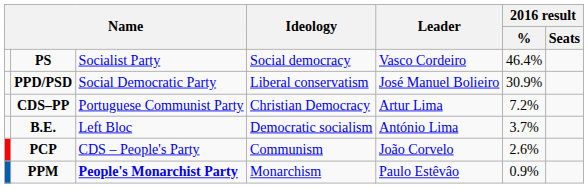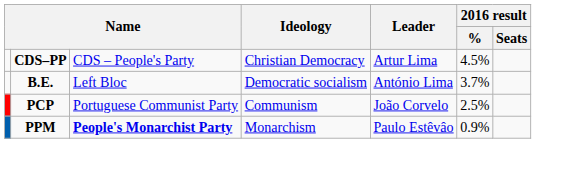 <table class="wikitable">
 <tr>
 <th rowspan="2" colspan="3">Name</th>
 <th rowspan="2">Ideology</th>
 <th rowspan="2">Leader</th>
 <th colspan="2">2016 result</th>
 </tr>
 <tr>
 <th>%</th>
 <th>Seats</th>
 </tr>
 <tr>
 <td style="color:inherit;background:"></td>
-<td style="text-align:center;"><strong>PS</strong></td>
-<td><a href='#'>Socialist Party</a><br></td>
-<td><a href='#'>Social democracy</a></td>
-<td><a href='#'>Vasco Cordeiro</a></td>
-<td style="text-align:center;">46.4%</td>
-<td></td>
-</tr>
-<tr>
-<td style="color:inherit;background:"></td>
-<td style="text-align:center;"><strong>PPD/PSD</strong></td>
-<td><a href='#'>Social Democratic Party</a><br></td>
-<td><a href='#'>Liberal conservatism</a></td>
-<td><a href='#'>José Manuel Bolieiro</a></td>
-<td style="text-align:center;">30.9%</td>
-<td></td>
-</tr>
-<tr>
-<td style="color:inherit;background:"></td>
 <td style="text-align:center;"><strong>CDS–PP</strong></td>
-<td><a href='#'>Portuguese Communist Party</a><br></td>
+<td><a href='#'>CDS – People's Party</a><br></td>
 <td><a href='#'>Christian Democracy</a></td>
 <td><a href='#'>Artur Lima</a></td>
-<td style="text-align:center;">7.2%</td>
+<td style="text-align:center;">4.5%</td>
 <td></td>
 </tr>
 <tr>
 <td style="color:inherit;background:"></td>
 <td style="text-align:center;"><strong>B.E.</strong></td>
 <td><a href='#'>Left Bloc</a><br></td>
 <td><a href='#'>Democratic socialism</a></td>
 <td><a href='#'>António Lima</a></td>
 <td style="text-align:center;">3.7%</td>
 <td></td>
 </tr>
 <tr>
 <td style="background:#FF0000;"></td>
 <td style="text-align:center;"><strong>PCP</strong></td>
-<td><a href='#'>CDS – People's Party</a><br></td>
+<td><a href='#'>Portuguese Communist Party</a><br></td>
 <td><a href='#'>Communism</a></td>
 <td><a href='#'>João Corvelo</a></td>
-<td style="text-align:center;">2.6%<br></td>
+<td style="text-align:center;">2.5%<br></td>
 <td></td>
 </tr>
 <tr>
 <td style="background:#005FAD;"></td>
 <td style="text-align:center;"><strong>PPM</strong></td>
 <td><strong><a href='#'>People's Monarchist Party</a><br></strong></td>
 <td><a href='#'>Monarchism</a></td>
 <td><a href='#'>Paulo Estêvâo</a></td>
 <td style="text-align:center;">0.9%</td>
 <td></td>
 </tr>
 </table>
